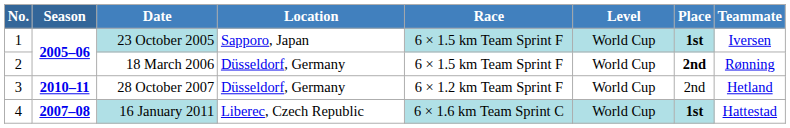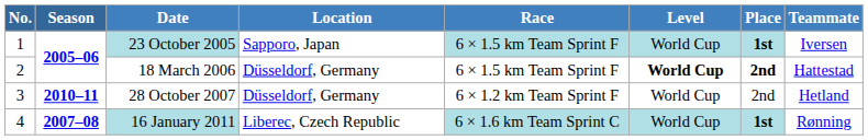 <table class="wikitable sortable" style="font-size:95%; text-align:center; border:grey solid 1px; border-collapse:collapse; background:#ffffff;">
 <tr style="background:#efefef;">
 <th style="background-color:#369; color:white;">No.</th>
 <th style="background-color:#369; color:white;">Season</th>
 <th style="background-color:#4180be; color:white; width:120px;">Date</th>
 <th style="background-color:#4180be; color:white; width:190px;">Location</th>
 <th style="background-color:#4180be; color:white; width:170px;">Race</th>
 <th style="background-color:#4180be; color:white; width:100px;">Level</th>
 <th style="background-color:#4180be; color:white;">Place</th>
 <th style="background-color:#4180be; color:white;">Teammate</th>
 </tr>
 <tr>
 <td align=center>1</td>
 <td rowspan=2 align=center><strong><a href='#'>2005–06</a></strong></td>
 <td bgcolor="#BOEOE6" align=right>23 October 2005</td>
 <td align=left> <a href='#'>Sapporo</a>, Japan</td>
 <td bgcolor="#BOEOE6">6 × 1.5 km Team Sprint F</td>
 <td bgcolor="#BOEOE6">World Cup</td>
 <td bgcolor="#BOEOE6"><strong>1st</strong></td>
 <td><a href='#'>Iversen</a></td>
 </tr>
 <tr>
 <td align=center>2</td>
 <td align=right>18 March 2006</td>
 <td align=left> <a href='#'>Düsseldorf</a>, Germany</td>
 <td>6 × 1.5 km Team Sprint F</td>
-<td>World Cup</td>
+<td><strong>World Cup</strong></td>
 <td><strong>2nd</strong></td>
-<td><a href='#'>Rønning</a></td>
+<td><a href='#'>Hattestad</a></td>
 </tr>
 <tr>
 <td align=center>3</td>
 <td rowspan=1 align=center><strong><a href='#'>2010–11</a></strong></td>
 <td align=right>28 October 2007</td>
 <td align=left> <a href='#'>Düsseldorf</a>, Germany</td>
 <td>6 × 1.2 km Team Sprint F</td>
 <td>World Cup</td>
 <td>2nd</td>
 <td><a href='#'>Hetland</a></td>
 </tr>
 <tr>
 <td align=center>4</td>
 <td rowspan=1 align=center><strong> <a href='#'>2007–08</a> </strong></td>
 <td bgcolor="#BOEOE6" align=right>16 January 2011</td>
 <td align=left> <a href='#'>Liberec</a>, Czech Republic</td>
 <td bgcolor="#BOEOE6">6 × 1.6 km Team Sprint C</td>
 <td bgcolor="#BOEOE6">World Cup</td>
 <td bgcolor="#BOEOE6"><strong>1st</strong></td>
-<td><a href='#'>Hattestad</a></td>
+<td><a href='#'>Rønning</a></td>
 </tr>
 </table>
